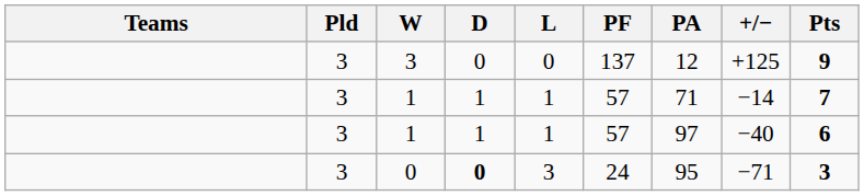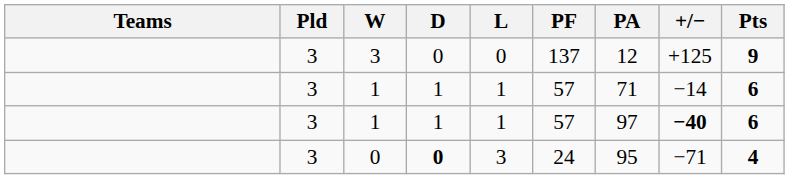 <table class="wikitable" style="text-align: center;">
 <tr>
 <th width="200">Teams</th>
 <th width="40">Pld</th>
 <th width="40">W</th>
 <th width="40">D</th>
 <th width="40">L</th>
 <th width="40">PF</th>
 <th width="40">PA</th>
 <th width="40">+/−</th>
 <th width="40">Pts</th>
 </tr>
 <tr>
 <td align=left></td>
 <td>3</td>
 <td>3</td>
 <td>0</td>
 <td>0</td>
 <td>137</td>
 <td>12</td>
 <td>+125</td>
 <td><strong>9</strong></td>
 </tr>
 <tr>
 <td align=left></td>
 <td>3</td>
 <td>1</td>
 <td>1</td>
 <td>1</td>
 <td>57</td>
 <td>71</td>
 <td>−14</td>
-<td><strong>7</strong></td>
+<td><strong>6</strong></td>
 </tr>
 <tr>
 <td align=left></td>
 <td>3</td>
 <td>1</td>
 <td>1</td>
 <td>1</td>
 <td>57</td>
 <td>97</td>
-<td>−40</td>
+<td><strong>−40</strong></td>
 <td><strong>6</strong></td>
 </tr>
 <tr>
 <td align=left></td>
 <td>3</td>
 <td>0</td>
 <td><strong>0</strong></td>
 <td>3</td>
 <td>24</td>
 <td>95</td>
 <td>−71</td>
-<td><strong>3</strong></td>
+<td><strong>4</strong></td>
 </tr>
 </table>
